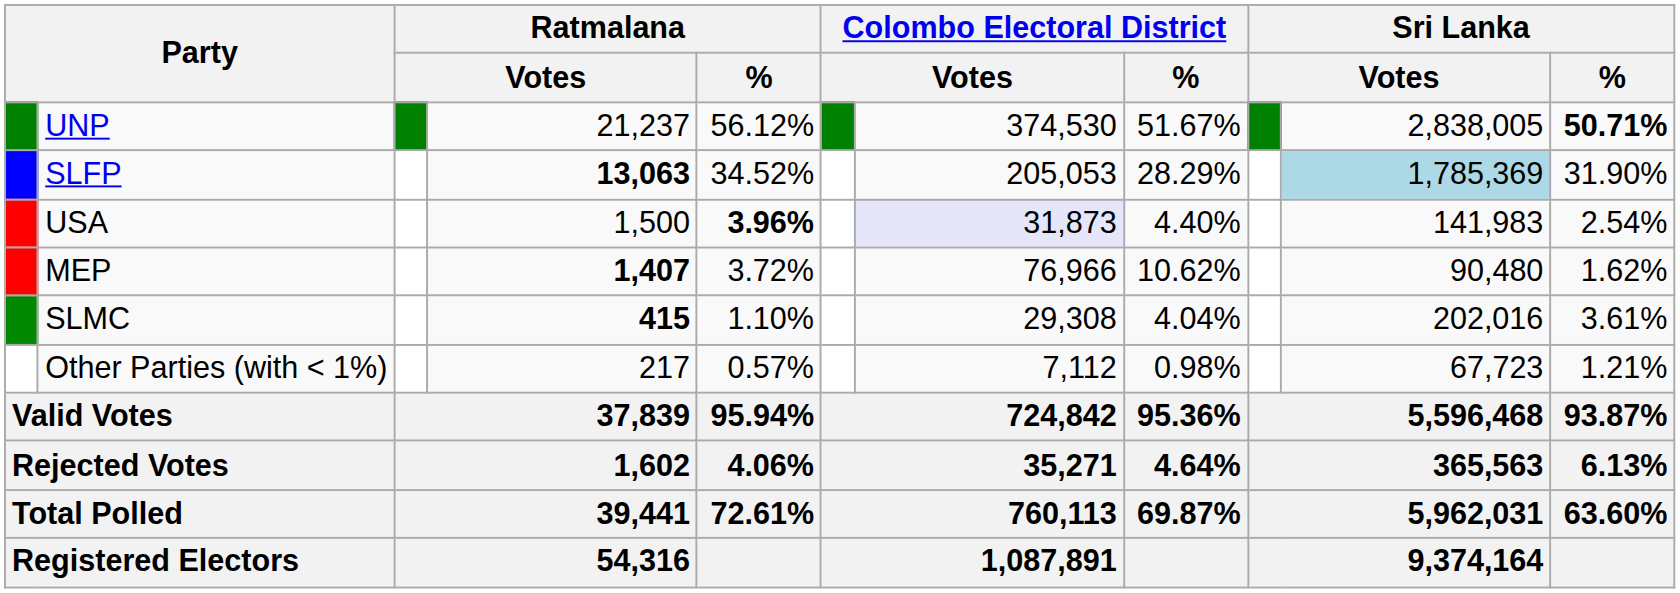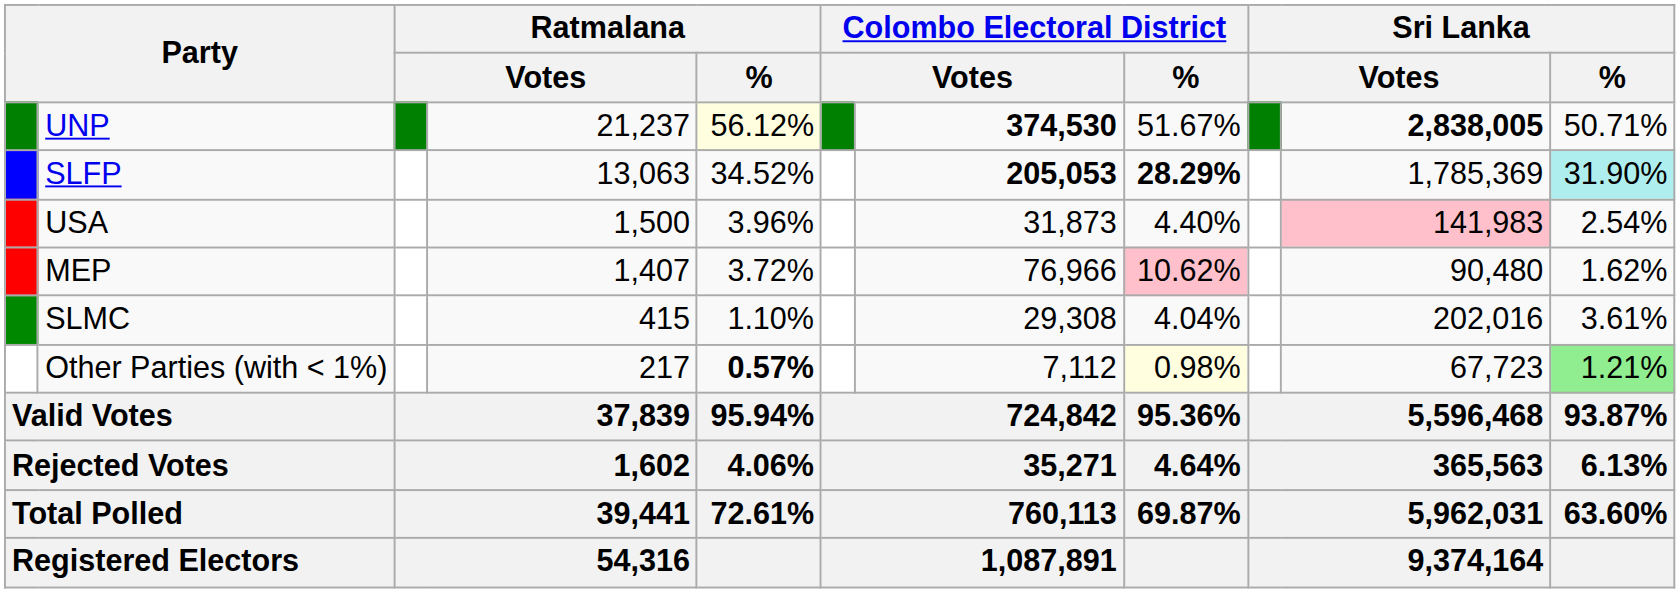 <table class="wikitable">
 <tr>
 <th colspan="2" width="144px"rowspan="2">Party</th>
 <th colspan="3" width="216px">Ratmalana</th>
 <th colspan="3" width="216px"><a href='#'>Colombo Electoral District</a></th>
 <th colspan="3" width="216px">Sri Lanka</th>
 </tr>
 <tr>
 <th colspan="2" width="144px">Votes</th>
 <th>%</th>
 <th colspan="2" width="144px">Votes</th>
 <th>%</th>
 <th colspan="2" width="144px">Votes</th>
 <th>%</th>
 </tr>
 <tr>
 <td style="background-color:green;" width="10px"></td>
 <td style="text-align:left;"><a href='#'>UNP</a></td>
 <td style="background-color:green;" width="10px"></td>
 <td style="text-align:right;">21,237</td>
-<td style="text-align:right;">56.12%</td>
+<td style="background: lightyellow; text-align:right;">56.12%</td>
 <td style="background-color:green;" width="10px"></td>
-<td style="text-align:right;">374,530</td>
+<td style="text-align:right;"><strong>374,530</strong></td>
 <td style="text-align:right;">51.67%</td>
 <td style="background-color:green;" width="10px"></td>
-<td style="text-align:right;">2,838,005</td>
-<td style="text-align:right;"><strong>50.71%</strong></td>
+<td style="text-align:right;"><strong>2,838,005</strong></td>
+<td style="text-align:right;">50.71%</td>
 </tr>
 <tr>
 <td style="background-color:blue;" width="10px"></td>
 <td style="text-align:left;"><a href='#'>SLFP</a></td>
 <td style="background-color:white;" width="10px"></td>
-<td style="text-align:right;"><strong>13,063</strong></td>
+<td style="text-align:right;">13,063</td>
 <td style="text-align:right;">34.52%</td>
 <td style="background-color:white;" width="10px"></td>
-<td style="text-align:right;">205,053</td>
-<td style="text-align:right;">28.29%</td>
+<td style="text-align:right;"><strong>205,053</strong></td>
+<td style="text-align:right;"><strong>28.29%</strong></td>
 <td style="background-color:white;" width="10px"></td>
-<td style="background: lightblue; text-align:right;">1,785,369</td>
-<td style="text-align:right;">31.90%</td>
+<td style="text-align:right;">1,785,369</td>
+<td style="background: paleturquoise; text-align:right;">31.90%</td>
 </tr>
 <tr>
 <td style="background-color:red;" width="10px"></td>
 <td style="text-align:left;">USA</td>
 <td style="background-color:white;" width="10px"></td>
 <td style="text-align:right;">1,500</td>
-<td style="text-align:right;"><strong>3.96%</strong></td>
+<td style="text-align:right;">3.96%</td>
 <td style="background-color:white;" width="10px"></td>
-<td style="background: lavender; text-align:right;">31,873</td>
+<td style="text-align:right;">31,873</td>
 <td style="text-align:right;">4.40%</td>
 <td style="background-color:white;" width="10px"></td>
-<td style="text-align:right;">141,983</td>
+<td style="background: pink; text-align:right;">141,983</td>
 <td style="text-align:right;">2.54%</td>
 </tr>
 <tr>
 <td style="background-color:red;" width="10px"></td>
 <td style="text-align:left;">MEP</td>
 <td style="background-color:white;" width="10px"></td>
-<td style="text-align:right;"><strong>1,407</strong></td>
+<td style="text-align:right;">1,407</td>
 <td style="text-align:right;">3.72%</td>
 <td style="background-color:white;" width="10px"></td>
 <td style="text-align:right;">76,966</td>
-<td style="text-align:right;">10.62%</td>
+<td style="background: pink; text-align:right;">10.62%</td>
 <td style="background-color:white;" width="10px"></td>
 <td style="text-align:right;">90,480</td>
 <td style="text-align:right;">1.62%</td>
 </tr>
 <tr>
 <td style="background-color:#008800;" width="10px"></td>
 <td style="text-align:left;">SLMC</td>
 <td style="background-color:white;" width="10px"></td>
-<td style="text-align:right;"><strong>415</strong></td>
+<td style="text-align:right;">415</td>
 <td style="text-align:right;">1.10%</td>
 <td style="background-color:white;" width="10px"></td>
 <td style="text-align:right;">29,308</td>
 <td style="text-align:right;">4.04%</td>
 <td style="background-color:white;" width="10px"></td>
 <td style="text-align:right;">202,016</td>
 <td style="text-align:right;">3.61%</td>
 </tr>
 <tr>
 <td style="background-color:white;" width="10px"></td>
 <td style="text-align:left;">Other Parties (with < 1%)</td>
 <td style="background-color:white;" width="10px"></td>
 <td style="text-align:right;">217</td>
-<td style="text-align:right;">0.57%</td>
+<td style="text-align:right;"><strong>0.57%</strong></td>
 <td style="background-color:white;" width="10px"></td>
 <td style="text-align:right;">7,112</td>
-<td style="text-align:right;">0.98%</td>
+<td style="background: lightyellow; text-align:right;">0.98%</td>
 <td style="background-color:white;" width="10px"></td>
 <td style="text-align:right;">67,723</td>
-<td style="text-align:right;">1.21%</td>
+<td style="background: lightgreen; text-align:right;">1.21%</td>
 </tr>
 <tr>
 <th colspan="2" width="144px"style="text-align:left;">Valid Votes</th>
 <th style="text-align:right;"colspan="2" width="144px">37,839</th>
 <th style="text-align:right;">95.94%</th>
 <th style="text-align:right;"colspan="2" width="144px">724,842</th>
 <th style="text-align:right;">95.36%</th>
 <th style="text-align:right;"colspan="2" width="144px">5,596,468</th>
 <th style="text-align:right;">93.87%</th>
 </tr>
 <tr>
 <th colspan="2" width="144px"style="text-align:left;">Rejected Votes</th>
 <th style="text-align:right;"colspan="2" width="144px">1,602</th>
 <th style="text-align:right;">4.06%</th>
 <th style="text-align:right;"colspan="2" width="144px">35,271</th>
 <th style="text-align:right;">4.64%</th>
 <th style="text-align:right;"colspan="2" width="144px">365,563</th>
 <th style="text-align:right;">6.13%</th>
 </tr>
 <tr>
 <th colspan="2" width="144px"style="text-align:left;">Total Polled</th>
 <th style="text-align:right;"colspan="2" width="144px">39,441</th>
 <th style="text-align:right;">72.61%</th>
 <th style="text-align:right;"colspan="2" width="144px">760,113</th>
 <th style="text-align:right;">69.87%</th>
 <th style="text-align:right;"colspan="2" width="144px">5,962,031</th>
 <th style="text-align:right;">63.60%</th>
 </tr>
 <tr>
 <th colspan="2" width="144px"style="text-align:left;">Registered Electors</th>
 <th style="text-align:right;"colspan="2" width="144px">54,316</th>
 <th></th>
 <th style="text-align:right;"colspan="2" width="144px">1,087,891</th>
 <th></th>
 <th style="text-align:right;"colspan="2" width="144px">9,374,164</th>
 <th></th>
 </tr>
 </table>
